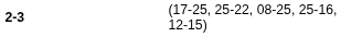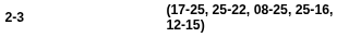 <table width=100% cellspacing=1>
 <tr>
 <th width=20%></th>
 <th width=12%></th>
 <th width=20%></th>
 <th width=33%></th>
 <td></td>
 </tr>
 <tr style=font-size:90%>
 <td align=right></td>
 <td align=center><strong>2-3</strong></td>
 <td></td>
-<td>(17-25, 25-22, 08-25, 25-16, 12-15)</td>
+<td><strong>(17-25, 25-22, 08-25, 25-16, 12-15)</strong></td>
 </tr>
 </table>
